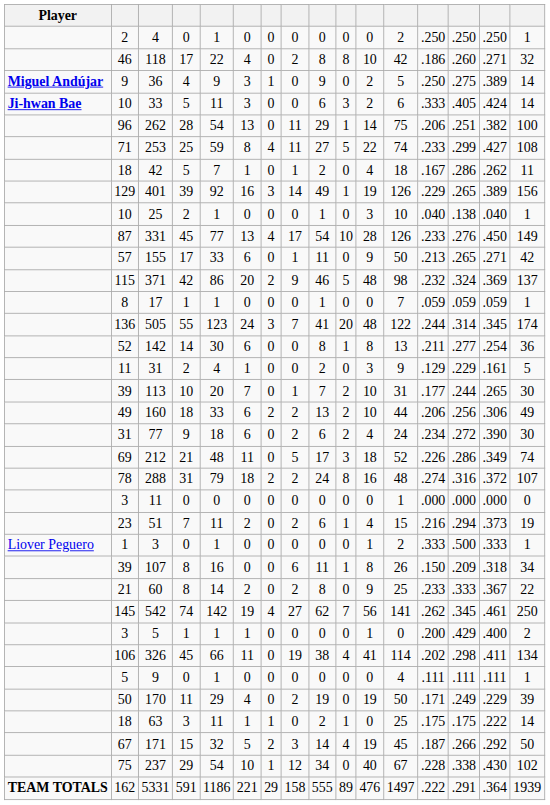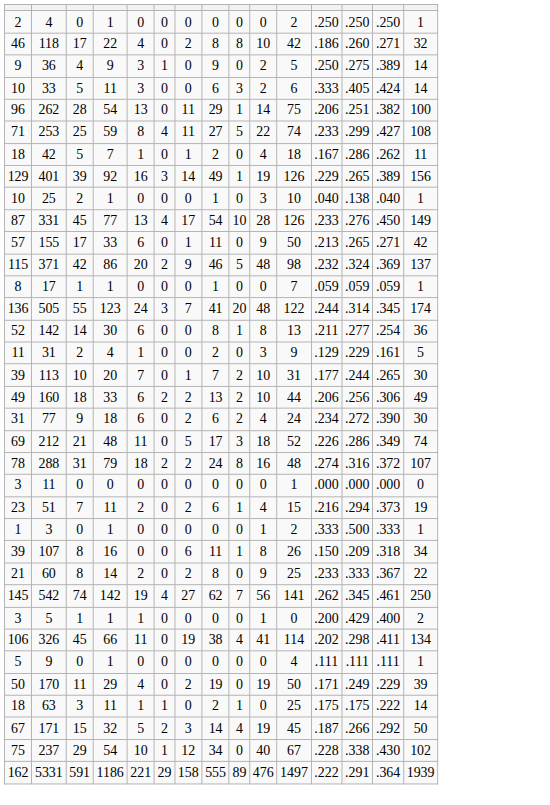 <table class="wikitable sortable" style="text-align:center;">
 <tr>
-<th>Player</th>
 <th></th>
 <th></th>
 <th></th>
 <th></th>
 <th></th>
 <th></th>
 <th></th>
 <th></th>
 <th></th>
 <th></th>
 <th></th>
 <th></th>
 <th></th>
 <th></th>
 <th></th>
 </tr>
 <tr>
-<td align=left></td>
 <td>2</td>
 <td>4</td>
 <td>0</td>
 <td>1</td>
 <td>0</td>
 <td>0</td>
 <td>0</td>
 <td>0</td>
 <td>0</td>
 <td>0</td>
 <td>2</td>
 <td>.250</td>
 <td>.250</td>
 <td>.250</td>
 <td>1</td>
 </tr>
 <tr>
-<td align=left><strong></strong></td>
 <td>46</td>
 <td>118</td>
 <td>17</td>
 <td>22</td>
 <td>4</td>
 <td>0</td>
 <td>2</td>
 <td>8</td>
 <td>8</td>
 <td>10</td>
 <td>42</td>
 <td>.186</td>
 <td>.260</td>
 <td>.271</td>
 <td>32</td>
 </tr>
 <tr>
-<td align=left><strong><a href='#'>Miguel Andújar</a></strong></td>
 <td>9</td>
 <td>36</td>
 <td>4</td>
 <td>9</td>
 <td>3</td>
 <td>1</td>
 <td>0</td>
 <td>9</td>
 <td>0</td>
 <td>2</td>
 <td>5</td>
 <td>.250</td>
 <td>.275</td>
 <td>.389</td>
 <td>14</td>
 </tr>
 <tr>
-<td align=left><strong><a href='#'>Ji-hwan Bae</a></strong></td>
 <td>10</td>
 <td>33</td>
 <td>5</td>
 <td>11</td>
 <td>3</td>
 <td>0</td>
 <td>0</td>
 <td>6</td>
 <td>3</td>
 <td>2</td>
 <td>6</td>
 <td>.333</td>
 <td>.405</td>
 <td>.424</td>
 <td>14</td>
 </tr>
 <tr>
-<td align=left><strong></strong></td>
 <td>96</td>
 <td>262</td>
 <td>28</td>
 <td>54</td>
 <td>13</td>
 <td>0</td>
 <td>11</td>
 <td>29</td>
 <td>1</td>
 <td>14</td>
 <td>75</td>
 <td>.206</td>
 <td>.251</td>
 <td>.382</td>
 <td>100</td>
 </tr>
 <tr>
-<td align=left><strong></strong></td>
 <td>71</td>
 <td>253</td>
 <td>25</td>
 <td>59</td>
 <td>8</td>
 <td>4</td>
 <td>11</td>
 <td>27</td>
 <td>5</td>
 <td>22</td>
 <td>74</td>
 <td>.233</td>
 <td>.299</td>
 <td>.427</td>
 <td>108</td>
 </tr>
 <tr>
-<td align=left></td>
 <td>18</td>
 <td>42</td>
 <td>5</td>
 <td>7</td>
 <td>1</td>
 <td>0</td>
 <td>1</td>
 <td>2</td>
 <td>0</td>
 <td>4</td>
 <td>18</td>
 <td>.167</td>
 <td>.286</td>
 <td>.262</td>
 <td>11</td>
 </tr>
 <tr>
-<td align=left><strong></strong></td>
 <td>129</td>
 <td>401</td>
 <td>39</td>
 <td>92</td>
 <td>16</td>
 <td>3</td>
 <td>14</td>
 <td>49</td>
 <td>1</td>
 <td>19</td>
 <td>126</td>
 <td>.229</td>
 <td>.265</td>
 <td>.389</td>
 <td>156</td>
 </tr>
 <tr>
-<td align=left><strong></strong></td>
 <td>10</td>
 <td>25</td>
 <td>2</td>
 <td>1</td>
 <td>0</td>
 <td>0</td>
 <td>0</td>
 <td>1</td>
 <td>0</td>
 <td>3</td>
 <td>10</td>
 <td>.040</td>
 <td>.138</td>
 <td>.040</td>
 <td>1</td>
 </tr>
 <tr>
-<td align=left><strong></strong></td>
 <td>87</td>
 <td>331</td>
 <td>45</td>
 <td>77</td>
 <td>13</td>
 <td>4</td>
 <td>17</td>
 <td>54</td>
 <td>10</td>
 <td>28</td>
 <td>126</td>
 <td>.233</td>
 <td>.276</td>
 <td>.450</td>
 <td>149</td>
 </tr>
 <tr>
-<td align=left><strong></strong></td>
 <td>57</td>
 <td>155</td>
 <td>17</td>
 <td>33</td>
 <td>6</td>
 <td>0</td>
 <td>1</td>
 <td>11</td>
 <td>0</td>
 <td>9</td>
 <td>50</td>
 <td>.213</td>
 <td>.265</td>
 <td>.271</td>
 <td>42</td>
 </tr>
 <tr>
-<td align=left><strong></strong></td>
 <td>115</td>
 <td>371</td>
 <td>42</td>
 <td>86</td>
 <td>20</td>
 <td>2</td>
 <td>9</td>
 <td>46</td>
 <td>5</td>
 <td>48</td>
 <td>98</td>
 <td>.232</td>
 <td>.324</td>
 <td>.369</td>
 <td>137</td>
 </tr>
 <tr>
-<td align=left></td>
 <td>8</td>
 <td>17</td>
 <td>1</td>
 <td>1</td>
 <td>0</td>
 <td>0</td>
 <td>0</td>
 <td>1</td>
 <td>0</td>
 <td>0</td>
 <td>7</td>
 <td>.059</td>
 <td>.059</td>
 <td>.059</td>
 <td>1</td>
 </tr>
 <tr>
-<td align=left><strong></strong></td>
 <td>136</td>
 <td>505</td>
 <td>55</td>
 <td>123</td>
 <td>24</td>
 <td>3</td>
 <td>7</td>
 <td>41</td>
 <td>20</td>
 <td>48</td>
 <td>122</td>
 <td>.244</td>
 <td>.314</td>
 <td>.345</td>
 <td>174</td>
 </tr>
 <tr>
-<td align=left><strong></strong></td>
 <td>52</td>
 <td>142</td>
 <td>14</td>
 <td>30</td>
 <td>6</td>
 <td>0</td>
 <td>0</td>
 <td>8</td>
 <td>1</td>
 <td>8</td>
 <td>13</td>
 <td>.211</td>
 <td>.277</td>
 <td>.254</td>
 <td>36</td>
 </tr>
 <tr>
-<td align=left></td>
 <td>11</td>
 <td>31</td>
 <td>2</td>
 <td>4</td>
 <td>1</td>
 <td>0</td>
 <td>0</td>
 <td>2</td>
 <td>0</td>
 <td>3</td>
 <td>9</td>
 <td>.129</td>
 <td>.229</td>
 <td>.161</td>
 <td>5</td>
 </tr>
 <tr>
-<td align=left></td>
 <td>39</td>
 <td>113</td>
 <td>10</td>
 <td>20</td>
 <td>7</td>
 <td>0</td>
 <td>1</td>
 <td>7</td>
 <td>2</td>
 <td>10</td>
 <td>31</td>
 <td>.177</td>
 <td>.244</td>
 <td>.265</td>
 <td>30</td>
 </tr>
 <tr>
-<td align=left></td>
 <td>49</td>
 <td>160</td>
 <td>18</td>
 <td>33</td>
 <td>6</td>
 <td>2</td>
 <td>2</td>
 <td>13</td>
 <td>2</td>
 <td>10</td>
 <td>44</td>
 <td>.206</td>
 <td>.256</td>
 <td>.306</td>
 <td>49</td>
 </tr>
 <tr>
-<td align=left></td>
 <td>31</td>
 <td>77</td>
 <td>9</td>
 <td>18</td>
 <td>6</td>
 <td>0</td>
 <td>2</td>
 <td>6</td>
 <td>2</td>
 <td>4</td>
 <td>24</td>
 <td>.234</td>
 <td>.272</td>
 <td>.390</td>
 <td>30</td>
 </tr>
 <tr>
-<td align=left><strong></strong></td>
 <td>69</td>
 <td>212</td>
 <td>21</td>
 <td>48</td>
 <td>11</td>
 <td>0</td>
 <td>5</td>
 <td>17</td>
 <td>3</td>
 <td>18</td>
 <td>52</td>
 <td>.226</td>
 <td>.286</td>
 <td>.349</td>
 <td>74</td>
 </tr>
 <tr>
-<td align=left><strong></strong></td>
 <td>78</td>
 <td>288</td>
 <td>31</td>
 <td>79</td>
 <td>18</td>
 <td>2</td>
 <td>2</td>
 <td>24</td>
 <td>8</td>
 <td>16</td>
 <td>48</td>
 <td>.274</td>
 <td>.316</td>
 <td>.372</td>
 <td>107</td>
 </tr>
 <tr>
-<td align=left></td>
 <td>3</td>
 <td>11</td>
 <td>0</td>
 <td>0</td>
 <td>0</td>
 <td>0</td>
 <td>0</td>
 <td>0</td>
 <td>0</td>
 <td>0</td>
 <td>1</td>
 <td>.000</td>
 <td>.000</td>
 <td>.000</td>
 <td>0</td>
 </tr>
 <tr>
-<td align=left></td>
 <td>23</td>
 <td>51</td>
 <td>7</td>
 <td>11</td>
 <td>2</td>
 <td>0</td>
 <td>2</td>
 <td>6</td>
 <td>1</td>
 <td>4</td>
 <td>15</td>
 <td>.216</td>
 <td>.294</td>
 <td>.373</td>
 <td>19</td>
 </tr>
 <tr>
-<td align=left><a href='#'>Liover Peguero</a></td>
 <td>1</td>
 <td>3</td>
 <td>0</td>
 <td>1</td>
 <td>0</td>
 <td>0</td>
 <td>0</td>
 <td>0</td>
 <td>0</td>
 <td>1</td>
 <td>2</td>
 <td>.333</td>
 <td>.500</td>
 <td>.333</td>
 <td>1</td>
 </tr>
 <tr>
-<td align=left></td>
 <td>39</td>
 <td>107</td>
 <td>8</td>
 <td>16</td>
 <td>0</td>
 <td>0</td>
 <td>6</td>
 <td>11</td>
 <td>1</td>
 <td>8</td>
 <td>26</td>
 <td>.150</td>
 <td>.209</td>
 <td>.318</td>
 <td>34</td>
 </tr>
 <tr>
-<td align=left></td>
 <td>21</td>
 <td>60</td>
 <td>8</td>
 <td>14</td>
 <td>2</td>
 <td>0</td>
 <td>2</td>
 <td>8</td>
 <td>0</td>
 <td>9</td>
 <td>25</td>
 <td>.233</td>
 <td>.333</td>
 <td>.367</td>
 <td>22</td>
 </tr>
 <tr>
-<td align=left><strong></strong></td>
 <td>145</td>
 <td>542</td>
 <td>74</td>
 <td>142</td>
 <td>19</td>
 <td>4</td>
 <td>27</td>
 <td>62</td>
 <td>7</td>
 <td>56</td>
 <td>141</td>
 <td>.262</td>
 <td>.345</td>
 <td>.461</td>
 <td>250</td>
 </tr>
 <tr>
-<td align=left></td>
 <td>3</td>
 <td>5</td>
 <td>1</td>
 <td>1</td>
 <td>1</td>
 <td>0</td>
 <td>0</td>
 <td>0</td>
 <td>0</td>
 <td>1</td>
 <td>0</td>
 <td>.200</td>
 <td>.429</td>
 <td>.400</td>
 <td>2</td>
 </tr>
 <tr>
-<td align=left><strong></strong></td>
 <td>106</td>
 <td>326</td>
 <td>45</td>
 <td>66</td>
 <td>11</td>
 <td>0</td>
 <td>19</td>
 <td>38</td>
 <td>4</td>
 <td>41</td>
 <td>114</td>
 <td>.202</td>
 <td>.298</td>
 <td>.411</td>
 <td>134</td>
 </tr>
 <tr>
-<td align=left></td>
 <td>5</td>
 <td>9</td>
 <td>0</td>
 <td>1</td>
 <td>0</td>
 <td>0</td>
 <td>0</td>
 <td>0</td>
 <td>0</td>
 <td>0</td>
 <td>4</td>
 <td>.111</td>
 <td>.111</td>
 <td>.111</td>
 <td>1</td>
 </tr>
 <tr>
-<td align=left></td>
 <td>50</td>
 <td>170</td>
 <td>11</td>
 <td>29</td>
 <td>4</td>
 <td>0</td>
 <td>2</td>
 <td>19</td>
 <td>0</td>
 <td>19</td>
 <td>50</td>
 <td>.171</td>
 <td>.249</td>
 <td>.229</td>
 <td>39</td>
 </tr>
 <tr>
-<td align=left></td>
 <td>18</td>
 <td>63</td>
 <td>3</td>
 <td>11</td>
 <td>1</td>
 <td>1</td>
 <td>0</td>
 <td>2</td>
 <td>1</td>
 <td>0</td>
 <td>25</td>
 <td>.175</td>
 <td>.175</td>
 <td>.222</td>
 <td>14</td>
 </tr>
 <tr>
-<td align=left></td>
 <td>67</td>
 <td>171</td>
 <td>15</td>
 <td>32</td>
 <td>5</td>
 <td>2</td>
 <td>3</td>
 <td>14</td>
 <td>4</td>
 <td>19</td>
 <td>45</td>
 <td>.187</td>
 <td>.266</td>
 <td>.292</td>
 <td>50</td>
 </tr>
 <tr>
-<td align=left></td>
 <td>75</td>
 <td>237</td>
 <td>29</td>
 <td>54</td>
 <td>10</td>
 <td>1</td>
 <td>12</td>
 <td>34</td>
 <td>0</td>
 <td>40</td>
 <td>67</td>
 <td>.228</td>
 <td>.338</td>
 <td>.430</td>
 <td>102</td>
 </tr>
 <tr class="sortbottom">
-<td align="left"><strong>TEAM TOTALS</strong></td>
 <td>162</td>
 <td>5331</td>
 <td>591</td>
 <td>1186</td>
 <td>221</td>
 <td>29</td>
 <td>158</td>
 <td>555</td>
 <td>89</td>
 <td>476</td>
 <td>1497</td>
 <td>.222</td>
 <td>.291</td>
 <td>.364</td>
 <td>1939</td>
 </tr>
 </table>
